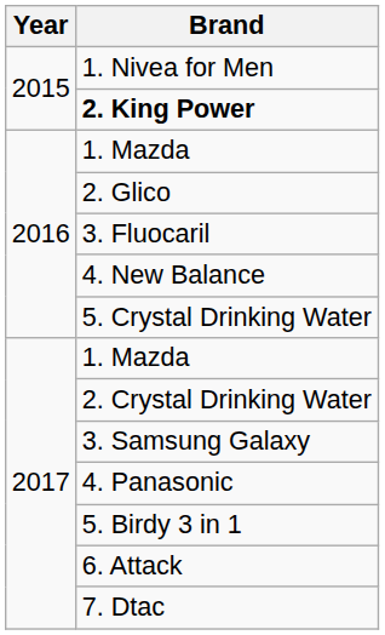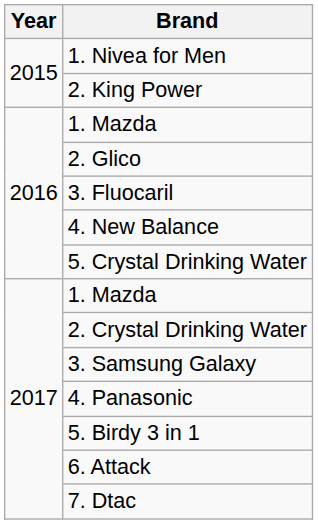 <table class="wikitable">
 <tr>
 <th>Year</th>
 <th>Brand</th>
 </tr>
 <tr>
 <td rowspan="2">2015</td>
 <td>1. Nivea for Men</td>
 </tr>
 <tr>
-<td><strong>2. King Power</strong></td>
+<td>2. King Power</td>
 </tr>
 <tr>
 <td rowspan="5">2016</td>
 <td>1. Mazda</td>
 </tr>
 <tr>
 <td>2. Glico</td>
 </tr>
 <tr>
 <td>3. Fluocaril</td>
 </tr>
 <tr>
 <td>4. New Balance</td>
 </tr>
 <tr>
 <td>5. Crystal Drinking Water</td>
 </tr>
 <tr>
 <td rowspan="7">2017</td>
 <td>1. Mazda</td>
 </tr>
 <tr>
 <td>2. Crystal Drinking Water</td>
 </tr>
 <tr>
 <td>3. Samsung Galaxy</td>
 </tr>
 <tr>
 <td>4. Panasonic</td>
 </tr>
 <tr>
 <td>5. Birdy 3 in 1</td>
 </tr>
 <tr>
 <td>6. Attack</td>
 </tr>
 <tr>
 <td>7. Dtac</td>
 </tr>
 </table>
